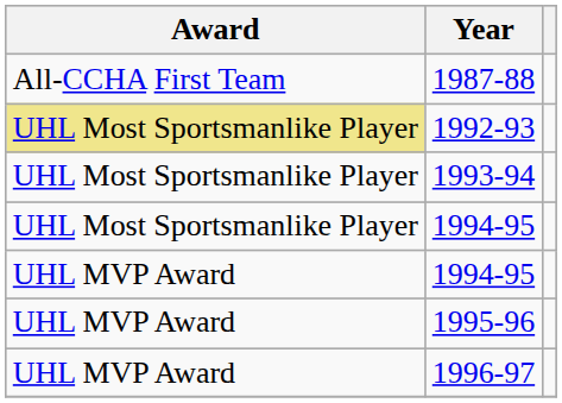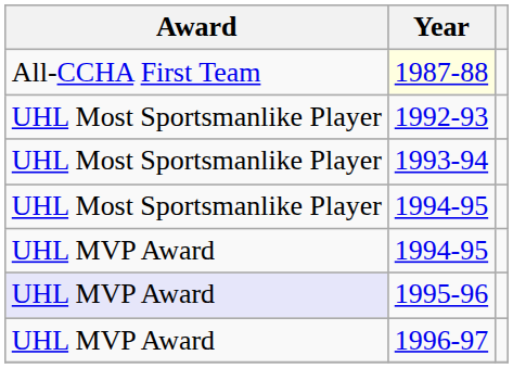 <table class="wikitable">
 <tr>
 <th>Award</th>
 <th>Year</th>
 <th></th>
 </tr>
 <tr>
 <td>All-<a href='#'>CCHA</a> <a href='#'>First Team</a></td>
-<td><a href='#'>1987-88</a></td>
+<td style="background: lightyellow;"><a href='#'>1987-88</a></td>
 <td></td>
 </tr>
 <tr>
-<td style="background: khaki;"><a href='#'>UHL</a> Most Sportsmanlike Player</td>
+<td><a href='#'>UHL</a> Most Sportsmanlike Player</td>
 <td><a href='#'>1992-93</a></td>
 <td></td>
 </tr>
 <tr>
 <td><a href='#'>UHL</a> Most Sportsmanlike Player</td>
 <td><a href='#'>1993-94</a></td>
 <td></td>
 </tr>
 <tr>
 <td><a href='#'>UHL</a> Most Sportsmanlike Player</td>
 <td><a href='#'>1994-95</a></td>
 <td></td>
 </tr>
 <tr>
 <td><a href='#'>UHL</a> MVP Award</td>
 <td><a href='#'>1994-95</a></td>
 <td></td>
 </tr>
 <tr>
-<td><a href='#'>UHL</a> MVP Award</td>
+<td style="background: lavender;"><a href='#'>UHL</a> MVP Award</td>
 <td><a href='#'>1995-96</a></td>
 <td></td>
 </tr>
 <tr>
 <td><a href='#'>UHL</a> MVP Award</td>
 <td><a href='#'>1996-97</a></td>
 <td></td>
 </tr>
 <tr>
 </tr>
 </table>
